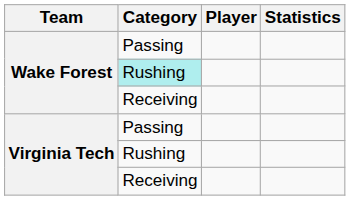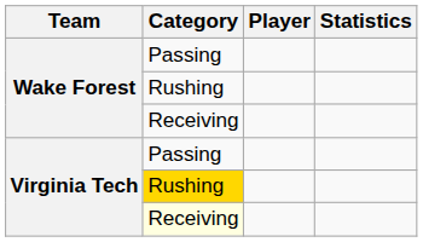 <table class="wikitable" style="float:right">
 <tr>
 <th>Team</th>
 <th>Category</th>
 <th>Player</th>
 <th>Statistics</th>
 </tr>
 <tr>
 <th rowspan=3>Wake Forest</th>
 <td>Passing</td>
 <td></td>
 <td></td>
 </tr>
 <tr>
-<td style="background: paleturquoise;">Rushing</td>
+<td>Rushing</td>
 <td></td>
 <td></td>
 </tr>
 <tr>
 <td>Receiving</td>
 <td></td>
 <td></td>
 </tr>
 <tr>
 <th rowspan=3>Virginia Tech</th>
 <td>Passing</td>
 <td></td>
 <td></td>
 </tr>
 <tr>
-<td>Rushing</td>
+<td style="background: gold;">Rushing</td>
 <td></td>
 <td></td>
 </tr>
 <tr>
-<td>Receiving</td>
+<td style="background: lightyellow;">Receiving</td>
 <td></td>
 <td></td>
 </tr>
 </table>
